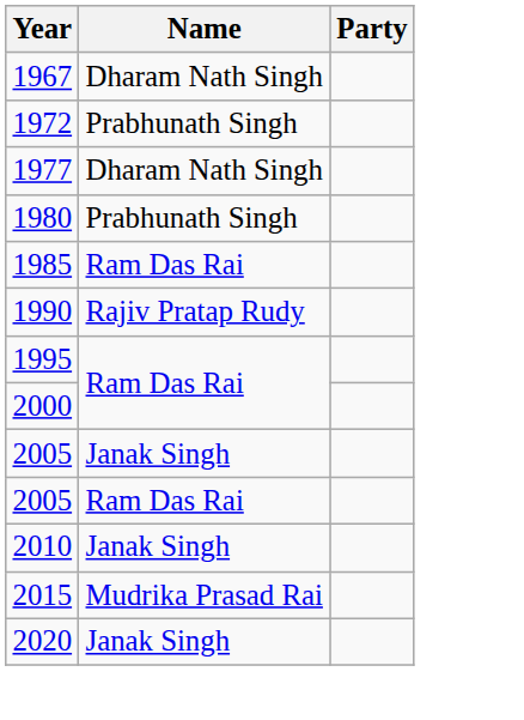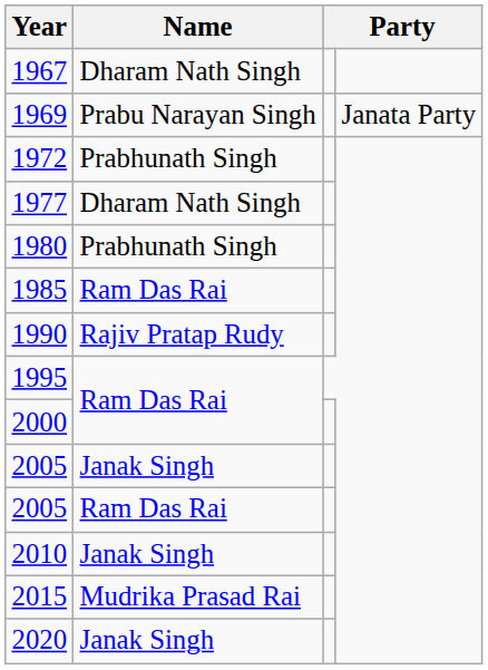 <table class="wikitable sortable">
 <tr>
 <th>Year</th>
 <th>Name</th>
 <th colspan="2">Party</th>
 </tr>
 <tr>
 <td><a href='#'>1967</a></td>
 <td>Dharam Nath Singh</td>
 <td></td>
+</tr>
+<tr>
+<td><a href='#'>1969</a></td>
+<td>Prabu Narayan Singh</td>
+<td style="background-color: "></td>
+<td>Janata Party</td>
 </tr>
 <tr>
 <td><a href='#'>1972</a></td>
 <td>Prabhunath Singh</td>
 <td></td>
 </tr>
 <tr>
 <td><a href='#'>1977</a></td>
 <td>Dharam Nath Singh</td>
 <td></td>
 </tr>
 <tr>
 <td><a href='#'>1980</a></td>
 <td>Prabhunath Singh</td>
 <td></td>
 </tr>
 <tr>
 <td><a href='#'>1985</a></td>
 <td><a href='#'>Ram Das Rai</a></td>
 <td></td>
 </tr>
 <tr>
 <td><a href='#'>1990</a></td>
 <td><a href='#'>Rajiv Pratap Rudy</a></td>
 <td></td>
 </tr>
 <tr>
 <td><a href='#'>1995</a></td>
 <td rowspan="2"><a href='#'>Ram Das Rai</a></td>
 </tr>
 <tr>
 <td><a href='#'>2000</a></td>
 <td></td>
 </tr>
 <tr>
 <td><a href='#'>2005</a></td>
 <td><a href='#'>Janak Singh</a></td>
 <td></td>
 </tr>
 <tr>
 <td><a href='#'>2005</a></td>
 <td><a href='#'>Ram Das Rai</a></td>
 <td></td>
 </tr>
 <tr>
 <td><a href='#'>2010</a></td>
 <td><a href='#'>Janak Singh</a></td>
 <td></td>
 </tr>
 <tr>
 <td><a href='#'>2015</a></td>
 <td><a href='#'>Mudrika Prasad Rai</a></td>
 <td></td>
 </tr>
 <tr>
 <td><a href='#'>2020</a></td>
 <td><a href='#'>Janak Singh</a></td>
 <td></td>
 </tr>
 </table>
